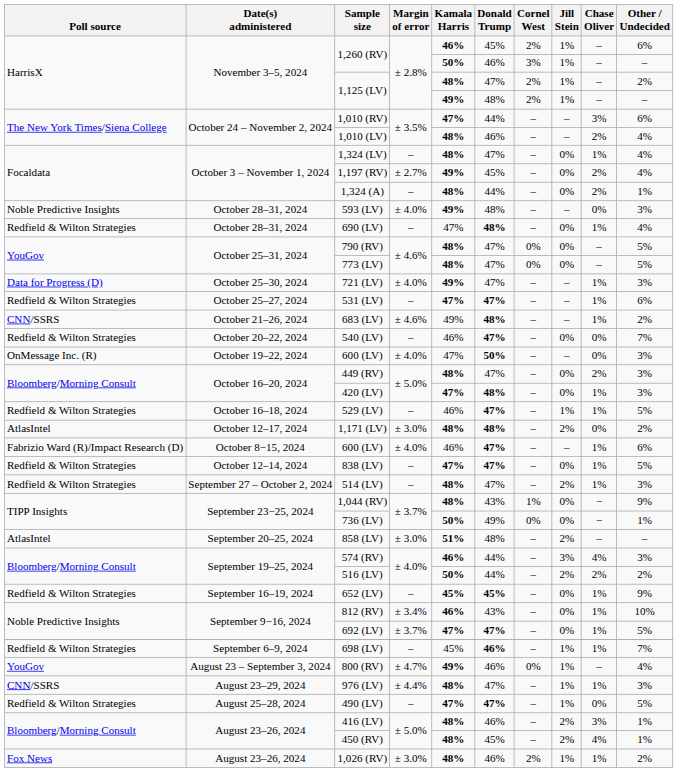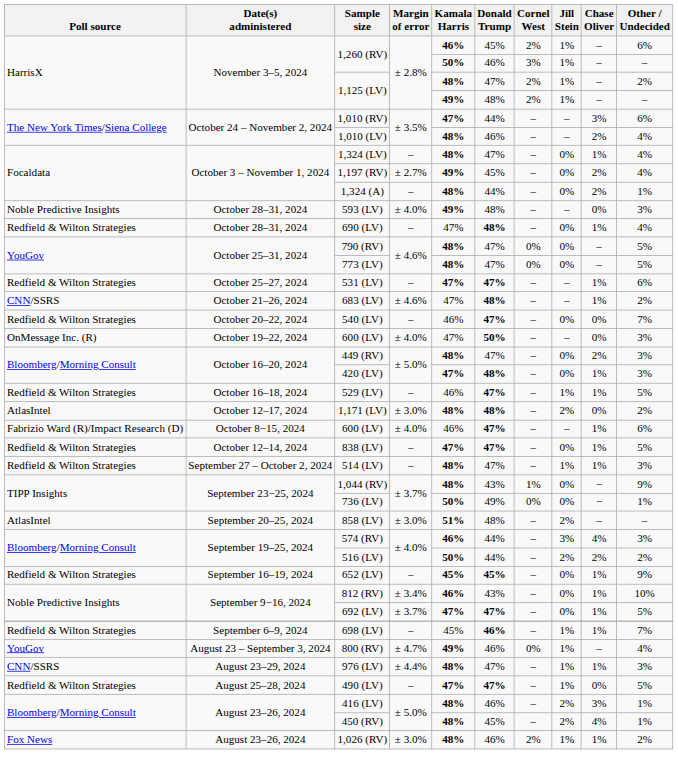 <table class="wikitable sortable mw-datatable" style="font-size:90%;text-align:center;line-height:17px">
 <tr valign="bottom">
 <th>Poll source</th>
 <th>Date(s)<br>administered</th>
 <th>Sample<br>size</th>
 <th>Margin<br>of error</th>
 <th class="unsortable">Kamala<br>Harris<br></th>
 <th class="unsortable">Donald<br>Trump<br></th>
 <th class="unsortable">Cornel<br>West<br></th>
 <th class="unsortable">Jill<br>Stein<br></th>
 <th class="unsortable">Chase<br>Oliver<br></th>
 <th class="unsortable">Other /<br>Undecided</th>
 </tr>
 <tr>
 <td style="text-align:left;" rowspan="4">HarrisX</td>
 <td rowspan="4">November 3–5, 2024</td>
 <td rowspan="2">1,260 (RV)</td>
 <td rowspan="4">± 2.8%</td>
 <td style="background-color:"><strong>46%</strong></td>
 <td>45%</td>
 <td>2%</td>
 <td>1%</td>
 <td>–</td>
 <td>6%</td>
 </tr>
 <tr>
 <td style="background-color:"><strong>50%</strong></td>
 <td>46%</td>
 <td>3%</td>
 <td>1%</td>
 <td>–</td>
 <td>–</td>
 </tr>
 <tr>
 <td rowspan="2">1,125 (LV)</td>
 <td style="background-color:"><strong>48%</strong></td>
 <td>47%</td>
 <td>2%</td>
 <td>1%</td>
 <td>–</td>
 <td>2%</td>
 </tr>
 <tr>
 <td style="background-color:"><strong>49%</strong></td>
 <td>48%</td>
 <td>2%</td>
 <td>1%</td>
 <td>–</td>
 <td>–</td>
 </tr>
 <tr>
 <td style="text-align:left;" rowspan="2"><a href='#'>The New York Times</a>/<a href='#'>Siena College</a></td>
 <td rowspan="2">October 24 – November 2, 2024</td>
 <td>1,010 (RV)</td>
 <td rowspan="2">± 3.5%</td>
 <td style="color:black;background-color:"><strong>47%</strong></td>
 <td>44%</td>
 <td>–</td>
 <td>–</td>
 <td>3%</td>
 <td>6%</td>
 </tr>
 <tr>
 <td>1,010 (LV)</td>
 <td style="color:black;background-color:"><strong>48%</strong></td>
 <td>46%</td>
 <td>–</td>
 <td>–</td>
 <td>2%</td>
 <td>4%</td>
 </tr>
 <tr>
 <td style="text-align:left;" rowspan="3">Focaldata</td>
 <td rowspan="3">October 3 – November 1, 2024</td>
 <td>1,324 (LV)</td>
 <td>–</td>
 <td style="background-color:"><strong>48%</strong></td>
 <td>47%</td>
 <td>–</td>
 <td>0%</td>
 <td>1%</td>
 <td>4%</td>
 </tr>
 <tr>
 <td>1,197 (RV)</td>
 <td>± 2.7%</td>
 <td style="background-color:"><strong>49%</strong></td>
 <td>45%</td>
 <td>–</td>
 <td>0%</td>
 <td>2%</td>
 <td>4%</td>
 </tr>
 <tr>
 <td>1,324 (A)</td>
 <td>–</td>
 <td style="background-color:"><strong>48%</strong></td>
 <td>44%</td>
 <td>–</td>
 <td>0%</td>
 <td>2%</td>
 <td>1%</td>
 </tr>
 <tr>
 <td style="text-align:left;">Noble Predictive Insights</td>
 <td data-sort-value="2024-10-31">October 28–31, 2024</td>
 <td>593 (LV)</td>
 <td>± 4.0%</td>
 <td style="color:black;background-color:"><strong>49%</strong></td>
 <td>48%</td>
 <td>–</td>
 <td>–</td>
 <td>0%</td>
 <td>3%</td>
 </tr>
 <tr>
 <td style="text-align:left;">Redfield & Wilton Strategies</td>
 <td data-sort-value="2024-10-31">October 28–31, 2024</td>
 <td>690 (LV)</td>
 <td>–</td>
 <td>47%</td>
 <td style="background-color:"><strong>48%</strong></td>
 <td>–</td>
 <td>0%</td>
 <td>1%</td>
 <td>4%</td>
 </tr>
 <tr>
 <td style="text-align:left;" rowspan="2"><a href='#'>YouGov</a></td>
 <td rowspan="2">October 25–31, 2024</td>
 <td>790 (RV)</td>
 <td rowspan="2">± 4.6%</td>
 <td style="color:black;background-color:"><strong>48%</strong></td>
 <td>47%</td>
 <td>0%</td>
 <td>0%</td>
 <td>–</td>
 <td>5%</td>
 </tr>
 <tr>
 <td>773 (LV)</td>
 <td style="color:black;background-color:"><strong>48%</strong></td>
 <td>47%</td>
 <td>0%</td>
 <td>0%</td>
 <td>–</td>
 <td>5%</td>
 </tr>
 <tr>
-<td style="text-align:left;"><a href='#'>Data for Progress (D)</a></td>
-<td data-sort-value="2024-10-30">October 25–30, 2024</td>
-<td>721 (LV)</td>
-<td>± 4.0%</td>
-<td style="color:black;background-color:"><strong>49%</strong></td>
-<td>47%</td>
-<td>–</td>
-<td>–</td>
-<td>1%</td>
-<td>3%</td>
-</tr>
-<tr>
 <td style="text-align:left;">Redfield & Wilton Strategies</td>
 <td data-sort-value="2024-10-27">October 25–27, 2024</td>
 <td>531 (LV)</td>
 <td>–</td>
 <td><strong>47%</strong></td>
 <td><strong>47%</strong></td>
 <td>–</td>
 <td>–</td>
 <td>1%</td>
 <td>6%</td>
 </tr>
 <tr>
 <td style="text-align:left;"><a href='#'>CNN</a>/SSRS</td>
 <td data-sort-value="2024-10-26">October 21–26, 2024</td>
 <td>683 (LV)</td>
 <td>± 4.6%</td>
-<td>49%</td>
+<td>47%</td>
 <td style="background-color:"><strong>48%</strong></td>
 <td>–</td>
 <td>–</td>
 <td>1%</td>
 <td>2%</td>
 </tr>
 <tr>
 <td style="text-align:left;">Redfield & Wilton Strategies</td>
 <td data-sort-value="2024-10-22">October 20–22, 2024</td>
 <td>540 (LV)</td>
 <td>–</td>
 <td>46%</td>
 <td style="background-color:"><strong>47%</strong></td>
 <td>–</td>
 <td>0%</td>
 <td>0%</td>
 <td>7%</td>
 </tr>
 <tr>
 <td style="text-align:left;">OnMessage Inc. (R)</td>
 <td data-sort-value="2024-10-22">October 19–22, 2024</td>
 <td>600 (LV)</td>
 <td>± 4.0%</td>
 <td>47%</td>
 <td style="background-color:"><strong>50%</strong></td>
 <td>–</td>
 <td>–</td>
 <td>0%</td>
 <td>3%</td>
 </tr>
 <tr>
 <td rowspan="2" style="text-align:left;"><a href='#'>Bloomberg</a>/<a href='#'>Morning Consult</a></td>
 <td rowspan="2">October 16–20, 2024</td>
 <td>449 (RV)</td>
 <td rowspan="2">± 5.0%</td>
 <td style="color:black;background-color:"><strong>48%</strong></td>
 <td>47%</td>
 <td>–</td>
 <td>0%</td>
 <td>2%</td>
 <td>3%</td>
 </tr>
 <tr>
 <td>420 (LV)</td>
 <td><strong>47%</strong></td>
 <td><strong>48%</strong></td>
 <td>–</td>
 <td>0%</td>
 <td>1%</td>
 <td>3%</td>
 </tr>
 <tr>
 <td style="text-align:left;">Redfield & Wilton Strategies</td>
 <td data-sort-value="2024-10-18">October 16–18, 2024</td>
 <td>529 (LV)</td>
 <td>–</td>
 <td>46%</td>
 <td style="background-color:"><strong>47%</strong></td>
 <td>–</td>
 <td>1%</td>
 <td>1%</td>
 <td>5%</td>
 </tr>
 <tr>
 <td style="text-align:left;">AtlasIntel</td>
 <td data-sort-value="2024-10-17">October 12–17, 2024</td>
 <td>1,171 (LV)</td>
 <td>± 3.0%</td>
 <td><strong>48%</strong></td>
 <td><strong>48%</strong></td>
 <td>–</td>
 <td>2%</td>
 <td>0%</td>
 <td>2%</td>
 </tr>
 <tr>
 <td style="text-align:left;">Fabrizio Ward (R)/Impact Research (D)</td>
 <td data-sort-value="2024-10-15">October 8−15, 2024</td>
 <td>600 (LV)</td>
 <td>± 4.0%</td>
 <td>46%</td>
 <td style="background-color:"><strong>47%</strong></td>
 <td>–</td>
 <td>–</td>
 <td>1%</td>
 <td>6%</td>
 </tr>
 <tr>
 <td style="text-align:left;">Redfield & Wilton Strategies</td>
 <td data-sort-value="2024-10-14">October 12–14, 2024</td>
 <td>838 (LV)</td>
 <td>–</td>
 <td><strong>47%</strong></td>
 <td><strong>47%</strong></td>
 <td>–</td>
 <td>0%</td>
 <td>1%</td>
 <td>5%</td>
 </tr>
 <tr>
 <td style="text-align:left;">Redfield & Wilton Strategies</td>
 <td data-sort-value="2024-10-02">September 27 – October 2, 2024</td>
 <td>514 (LV)</td>
 <td>–</td>
 <td style="color:black;background-color:"><strong>48%</strong></td>
 <td>47%</td>
 <td>–</td>
-<td>2%</td>
+<td>1%</td>
 <td>1%</td>
 <td>3%</td>
 </tr>
 <tr>
 <td style="text-align:left;" rowspan="2">TIPP Insights</td>
 <td rowspan="2">September 23−25, 2024</td>
 <td>1,044 (RV)</td>
 <td rowspan="2">± 3.7%</td>
 <td style="color:black;background-color:"><strong>48%</strong></td>
 <td>43%</td>
 <td>1%</td>
 <td>0%</td>
 <td>−</td>
 <td>9%</td>
 </tr>
 <tr>
 <td>736 (LV)</td>
 <td style="color:black;background-color:"><strong>50%</strong></td>
 <td>49%</td>
 <td>0%</td>
 <td>0%</td>
 <td>−</td>
 <td>1%</td>
 </tr>
 <tr>
 <td style="text-align:left;">AtlasIntel</td>
 <td data-sort-value="2024-09-25">September 20–25, 2024</td>
 <td>858 (LV)</td>
 <td>± 3.0%</td>
 <td style="color:black;background-color:"><strong>51%</strong></td>
 <td>48%</td>
 <td>–</td>
 <td>2%</td>
 <td>–</td>
 <td>–</td>
 </tr>
 <tr>
 <td rowspan="2" style="text-align:left;"><a href='#'>Bloomberg</a>/<a href='#'>Morning Consult</a></td>
 <td rowspan="2">September 19–25, 2024</td>
 <td>574 (RV)</td>
 <td rowspan="2">± 4.0%</td>
 <td style="color:black;background-color:"><strong>46%</strong></td>
 <td>44%</td>
 <td>–</td>
 <td>3%</td>
 <td>4%</td>
 <td>3%</td>
 </tr>
 <tr>
 <td>516 (LV)</td>
 <td style="color:black;background-color:"><strong>50%</strong></td>
 <td>44%</td>
 <td>–</td>
 <td>2%</td>
 <td>2%</td>
 <td>2%</td>
 </tr>
 <tr>
 <td style="text-align:left;">Redfield & Wilton Strategies</td>
 <td data-sort-value="2024-09-19">September 16–19, 2024</td>
 <td>652 (LV)</td>
 <td>–</td>
 <td><strong>45%</strong></td>
 <td><strong>45%</strong></td>
 <td>–</td>
 <td>0%</td>
 <td>1%</td>
 <td>9%</td>
 </tr>
 <tr>
 <td style="text-align:left;" rowspan="2">Noble Predictive Insights</td>
 <td rowspan="2">September 9−16, 2024</td>
 <td>812 (RV)</td>
 <td>± 3.4%</td>
 <td style="color:black;background-color:"><strong>46%</strong></td>
 <td>43%</td>
 <td>–</td>
 <td>0%</td>
 <td>1%</td>
 <td>10%</td>
 </tr>
 <tr>
 <td>692 (LV)</td>
 <td>± 3.7%</td>
 <td><strong>47%</strong></td>
 <td><strong>47%</strong></td>
 <td>–</td>
 <td>0%</td>
 <td>1%</td>
 <td>5%</td>
 </tr>
 <tr>
 </tr>
 <tr>
 <td style="text-align:left;">Redfield & Wilton Strategies</td>
 <td data-sort-value="2024-09-06">September 6–9, 2024</td>
 <td>698 (LV)</td>
 <td>–</td>
 <td>45%</td>
 <td style="background-color:"><strong>46%</strong></td>
 <td>–</td>
 <td>1%</td>
 <td>1%</td>
 <td>7%</td>
 </tr>
 <tr>
 <td style="text-align:left;"><a href='#'>YouGov</a></td>
 <td data-sort-value="2024-09-03">August 23 – September 3, 2024</td>
 <td>800 (RV)</td>
 <td>± 4.7%</td>
 <td style="color:black;background-color:"><strong>49%</strong></td>
 <td>46%</td>
 <td>0%</td>
 <td>1%</td>
 <td>–</td>
 <td>4%</td>
 </tr>
 <tr>
 <td style="text-align:left;"><a href='#'>CNN</a>/SSRS</td>
 <td data-sort-value="2024-08-29">August 23–29, 2024</td>
 <td>976 (LV)</td>
 <td>± 4.4%</td>
 <td style="color:black;background-color:"><strong>48%</strong></td>
 <td>47%</td>
 <td>–</td>
 <td>1%</td>
 <td>1%</td>
 <td>3%</td>
 </tr>
 <tr>
 <td style="text-align:left;">Redfield & Wilton Strategies</td>
 <td data-sort-value="2024-08-28">August 25–28, 2024</td>
 <td>490 (LV)</td>
 <td>–</td>
 <td><strong>47%</strong></td>
 <td><strong>47%</strong></td>
 <td>–</td>
 <td>1%</td>
 <td>0%</td>
 <td>5%</td>
 </tr>
 <tr>
 <td rowspan="2" style="text-align:left;"><a href='#'>Bloomberg</a>/<a href='#'>Morning Consult</a></td>
 <td rowspan="2">August 23–26, 2024</td>
 <td>416 (LV)</td>
 <td rowspan="2">± 5.0%</td>
 <td style="color:black;background-color:"><strong>48%</strong></td>
 <td>46%</td>
 <td>–</td>
 <td>2%</td>
 <td>3%</td>
 <td>1%</td>
 </tr>
 <tr>
 <td>450 (RV)</td>
 <td style="color:black;background-color:"><strong>48%</strong></td>
 <td>45%</td>
 <td>–</td>
 <td>2%</td>
 <td>4%</td>
 <td>1%</td>
 </tr>
 <tr>
 <td style="text-align:left;"><a href='#'>Fox News</a></td>
 <td data-sort-value="2024-08-26 ">August 23–26, 2024</td>
 <td>1,026 (RV)</td>
 <td>± 3.0%</td>
 <td style="color:black;background-color:"><strong>48%</strong></td>
 <td>46%</td>
 <td>2%</td>
 <td>1%</td>
 <td>1%</td>
 <td>2%</td>
 </tr>
 </table>
